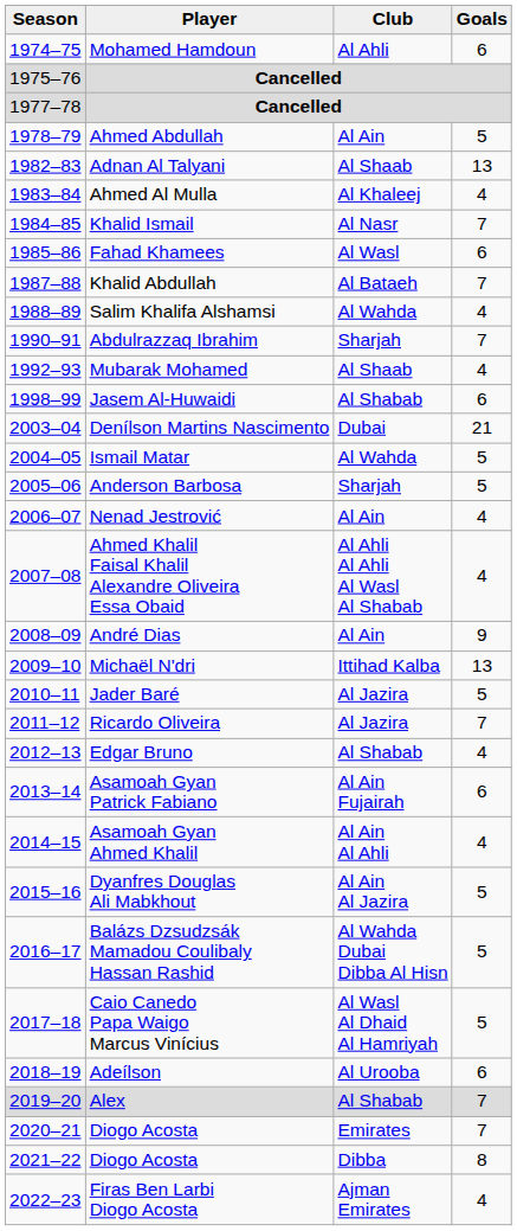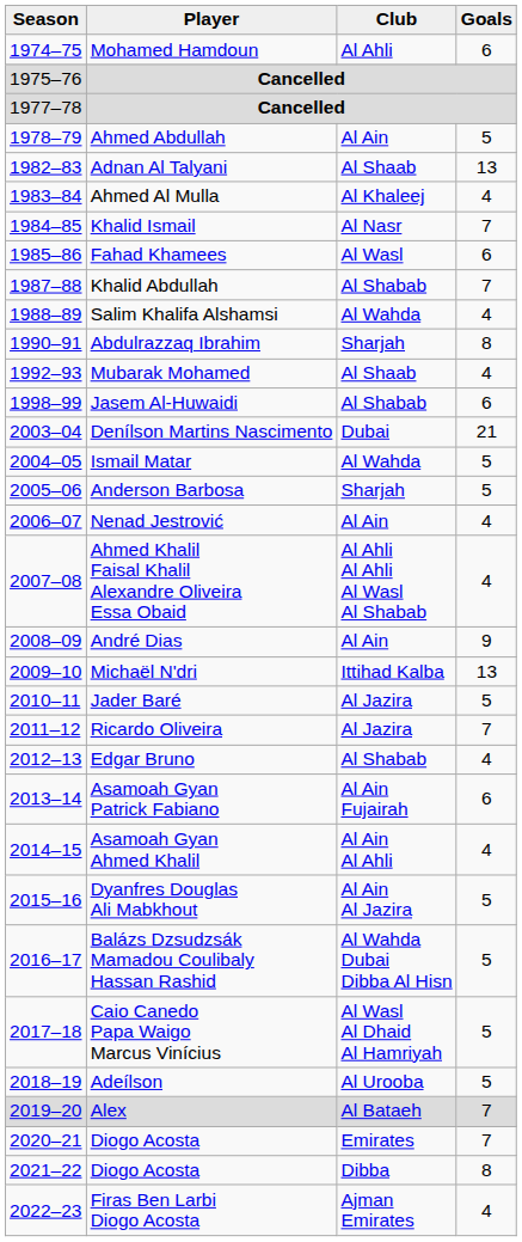 <table class="wikitable sortable">
 <tr>
 <th style="background:#efefef;">Season</th>
 <th style="background:#efefef;">Player</th>
 <th style="background:#efefef;">Club</th>
 <th style="background:#efefef;">Goals</th>
 </tr>
 <tr>
 <td><a href='#'>1974–75</a></td>
 <td> <a href='#'>Mohamed Hamdoun</a></td>
 <td><a href='#'>Al Ahli</a></td>
 <td style="text-align:center;">6</td>
 </tr>
 <tr bgcolor=#DCDCDC>
 <td>1975–76</td>
 <td colspan=7 align=center><strong>Cancelled</strong></td>
 </tr>
 <tr bgcolor=#DCDCDC>
 <td>1977–78</td>
 <td colspan=7 align=center><strong>Cancelled</strong></td>
 </tr>
 <tr>
 <td><a href='#'>1978–79</a></td>
 <td> <a href='#'>Ahmed Abdullah</a></td>
 <td><a href='#'>Al Ain</a></td>
 <td style="text-align:center;">5</td>
 </tr>
 <tr>
 <td><a href='#'>1982–83</a></td>
 <td> <a href='#'>Adnan Al Talyani</a></td>
 <td><a href='#'>Al Shaab</a></td>
 <td style="text-align:center;">13</td>
 </tr>
 <tr>
 <td><a href='#'>1983–84</a></td>
 <td> Ahmed Al Mulla</td>
 <td><a href='#'>Al Khaleej</a></td>
 <td style="text-align:center;">4</td>
 </tr>
 <tr>
 <td><a href='#'>1984–85</a></td>
 <td> <a href='#'>Khalid Ismail</a></td>
 <td><a href='#'>Al Nasr</a></td>
 <td style="text-align:center;">7</td>
 </tr>
 <tr>
 <td><a href='#'>1985–86</a></td>
 <td> <a href='#'>Fahad Khamees</a></td>
 <td><a href='#'>Al Wasl</a></td>
 <td style="text-align:center;">6</td>
 </tr>
 <tr>
 <td><a href='#'>1987–88</a></td>
 <td> Khalid Abdullah</td>
-<td><a href='#'>Al Bataeh</a></td>
+<td><a href='#'>Al Shabab</a></td>
 <td style="text-align:center;">7</td>
 </tr>
 <tr>
 <td><a href='#'>1988–89</a></td>
 <td> Salim Khalifa Alshamsi</td>
 <td><a href='#'>Al Wahda</a></td>
 <td style="text-align:center;">4</td>
 </tr>
 <tr>
 <td><a href='#'>1990–91</a></td>
 <td> <a href='#'>Abdulrazzaq Ibrahim</a></td>
 <td><a href='#'>Sharjah</a></td>
-<td style="text-align:center;">7</td>
+<td style="text-align:center;">8</td>
 </tr>
 <tr>
 <td><a href='#'>1992–93</a></td>
 <td> <a href='#'>Mubarak Mohamed</a></td>
 <td><a href='#'>Al Shaab</a></td>
 <td style="text-align:center;">4</td>
 </tr>
 <tr>
 <td><a href='#'>1998–99</a></td>
 <td> <a href='#'>Jasem Al-Huwaidi</a></td>
 <td><a href='#'>Al Shabab</a></td>
 <td style="text-align:center;">6</td>
 </tr>
 <tr>
 <td><a href='#'>2003–04</a></td>
 <td> <a href='#'>Denílson Martins Nascimento</a></td>
 <td><a href='#'>Dubai</a></td>
 <td style="text-align:center;">21</td>
 </tr>
 <tr>
 <td><a href='#'>2004–05</a></td>
 <td> <a href='#'>Ismail Matar</a></td>
 <td><a href='#'>Al Wahda</a></td>
 <td style="text-align:center;">5</td>
 </tr>
 <tr>
 <td><a href='#'>2005–06</a></td>
 <td> <a href='#'>Anderson Barbosa</a></td>
 <td><a href='#'>Sharjah</a></td>
 <td style="text-align:center;">5</td>
 </tr>
 <tr>
 <td><a href='#'>2006–07</a></td>
 <td> <a href='#'>Nenad Jestrović</a></td>
 <td><a href='#'>Al Ain</a></td>
 <td style="text-align:center;">4</td>
 </tr>
 <tr>
 <td><a href='#'>2007–08</a></td>
 <td> <a href='#'>Ahmed Khalil</a><br> <a href='#'>Faisal Khalil</a><br>  <a href='#'>Alexandre Oliveira</a><br> <a href='#'>Essa Obaid</a></td>
 <td><a href='#'>Al Ahli</a><br><a href='#'>Al Ahli</a><br><a href='#'>Al Wasl</a><br><a href='#'>Al Shabab</a></td>
 <td style="text-align:center;">4</td>
 </tr>
 <tr>
 <td><a href='#'>2008–09</a></td>
 <td> <a href='#'>André Dias</a></td>
 <td><a href='#'>Al Ain</a></td>
 <td style="text-align:center;">9</td>
 </tr>
 <tr>
 <td><a href='#'>2009–10</a></td>
 <td> <a href='#'>Michaël N'dri</a></td>
 <td><a href='#'>Ittihad Kalba</a></td>
 <td style="text-align:center;">13</td>
 </tr>
 <tr>
 <td><a href='#'>2010–11</a></td>
 <td> <a href='#'>Jader Baré</a></td>
 <td><a href='#'>Al Jazira</a></td>
 <td style="text-align:center;">5</td>
 </tr>
 <tr>
 <td><a href='#'>2011–12</a></td>
 <td> <a href='#'>Ricardo Oliveira</a></td>
 <td><a href='#'>Al Jazira</a></td>
 <td style="text-align:center;">7</td>
 </tr>
 <tr>
 <td><a href='#'>2012–13</a></td>
 <td> <a href='#'>Edgar Bruno</a></td>
 <td><a href='#'>Al Shabab</a></td>
 <td style="text-align:center;">4</td>
 </tr>
 <tr>
 <td><a href='#'>2013–14</a></td>
 <td> <a href='#'>Asamoah Gyan</a><br> <a href='#'>Patrick Fabiano</a></td>
 <td><a href='#'>Al Ain</a><br><a href='#'>Fujairah</a></td>
 <td style="text-align:center;">6</td>
 </tr>
 <tr>
 <td><a href='#'>2014–15</a></td>
 <td> <a href='#'>Asamoah Gyan</a><br> <a href='#'>Ahmed Khalil</a></td>
 <td><a href='#'>Al Ain</a><br><a href='#'>Al Ahli</a></td>
 <td style="text-align:center;">4</td>
 </tr>
 <tr>
 <td><a href='#'>2015–16</a></td>
 <td> <a href='#'>Dyanfres Douglas</a><br> <a href='#'>Ali Mabkhout</a></td>
 <td><a href='#'>Al Ain</a><br><a href='#'>Al Jazira</a></td>
 <td style="text-align:center;">5</td>
 </tr>
 <tr>
 <td><a href='#'>2016–17</a></td>
 <td> <a href='#'>Balázs Dzsudzsák</a><br> <a href='#'>Mamadou Coulibaly</a><br> <a href='#'>Hassan Rashid</a></td>
 <td><a href='#'>Al Wahda</a> <br><a href='#'>Dubai</a><br><a href='#'>Dibba Al Hisn</a></td>
 <td style="text-align:center;">5</td>
 </tr>
 <tr>
 <td><a href='#'>2017–18</a></td>
 <td> <a href='#'>Caio Canedo</a><br> <a href='#'>Papa Waigo</a><br> Marcus Vinícius</td>
 <td><a href='#'>Al Wasl</a> <br><a href='#'>Al Dhaid</a><br><a href='#'>Al Hamriyah</a></td>
 <td style="text-align:center;">5</td>
 </tr>
 <tr>
 <td><a href='#'>2018–19</a></td>
 <td> <a href='#'>Adeílson</a></td>
 <td><a href='#'>Al Urooba</a></td>
-<td style="text-align:center;">6</td>
+<td style="text-align:center;">5</td>
 </tr>
 <tr bgcolor=#DCDCDC>
 <td><a href='#'>2019–20</a></td>
 <td> <a href='#'>Alex</a></td>
-<td><a href='#'>Al Shabab</a></td>
+<td><a href='#'>Al Bataeh</a></td>
 <td style="text-align:center;">7</td>
 </tr>
 <tr>
 <td><a href='#'>2020–21</a></td>
 <td> <a href='#'>Diogo Acosta</a></td>
 <td><a href='#'>Emirates</a></td>
 <td style="text-align:center;">7</td>
 </tr>
 <tr>
 <td><a href='#'>2021–22</a></td>
 <td> <a href='#'>Diogo Acosta</a></td>
 <td><a href='#'>Dibba</a></td>
 <td style="text-align:center;">8</td>
 </tr>
 <tr>
 <td><a href='#'>2022–23</a></td>
 <td> <a href='#'>Firas Ben Larbi</a><br> <a href='#'>Diogo Acosta</a></td>
 <td><a href='#'>Ajman</a><br><a href='#'>Emirates</a></td>
 <td style="text-align:center;">4</td>
 </tr>
 </table>
